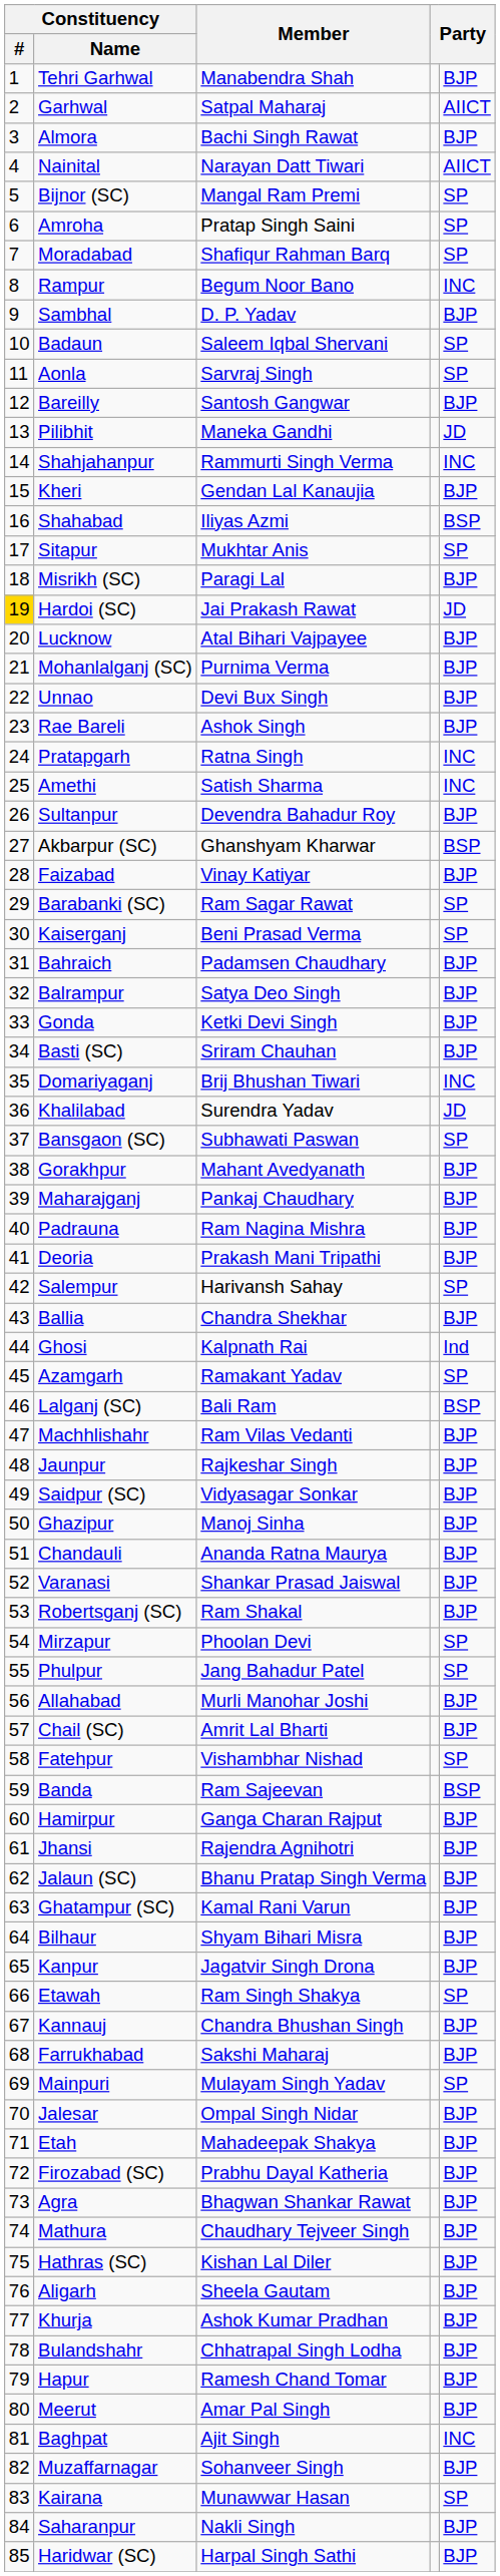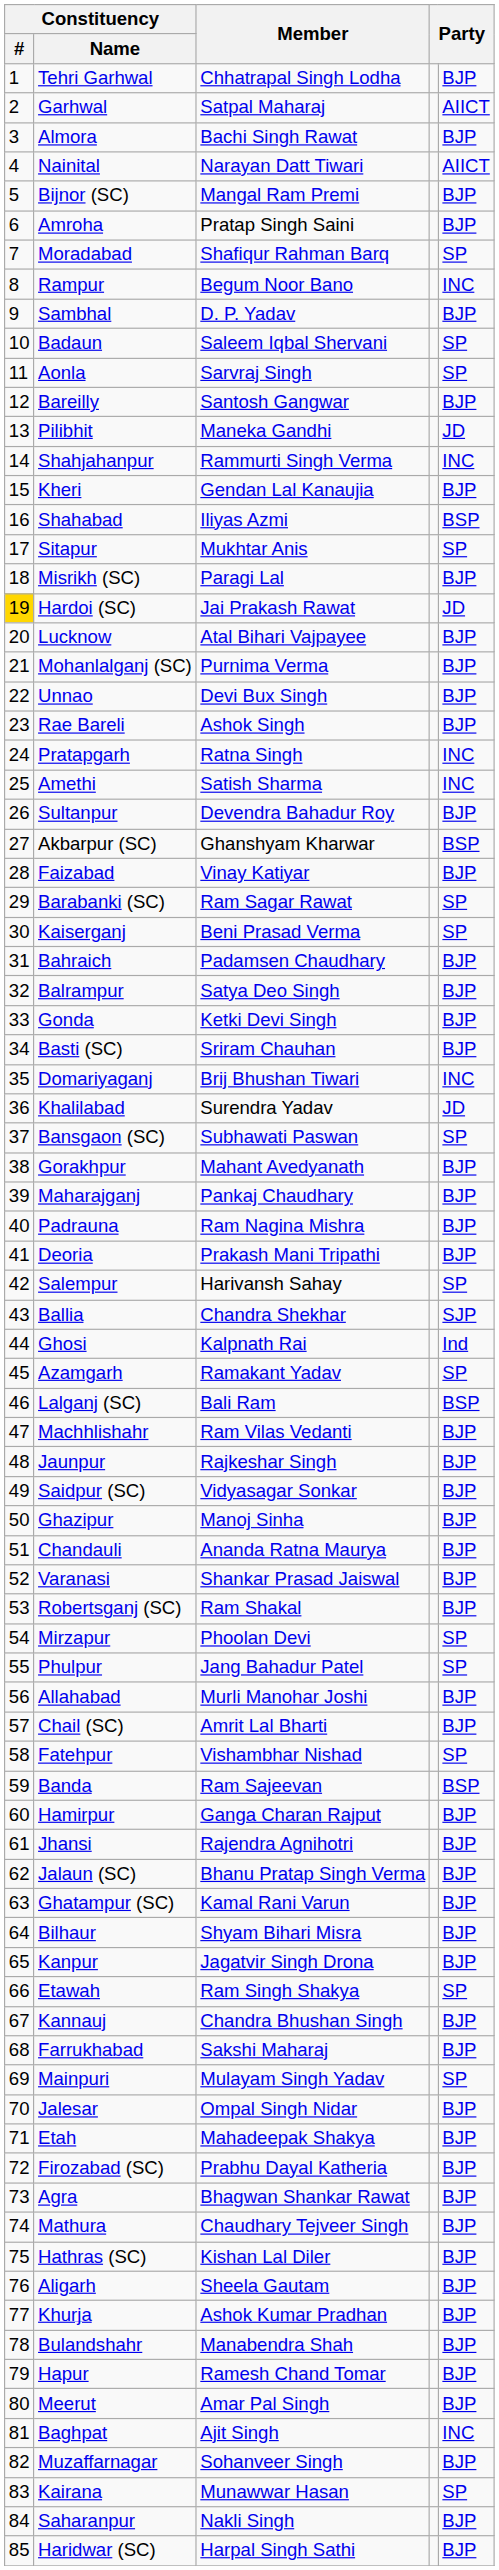 <table class="wikitable sortable">
 <tr>
 <th colspan="2">Constituency</th>
 <th rowspan="2">Member</th>
 <th colspan="2" rowspan="2">Party</th>
 </tr>
 <tr>
 <th>#</th>
 <th>Name</th>
 </tr>
 <tr>
 <td>1</td>
 <td><a href='#'>Tehri Garhwal</a></td>
-<td><a href='#'>Manabendra Shah</a></td>
+<td><a href='#'>Chhatrapal Singh Lodha</a></td>
 <td style="background-color: "></td>
 <td><a href='#'>BJP</a></td>
 </tr>
 <tr>
 <td>2</td>
 <td><a href='#'>Garhwal</a></td>
 <td><a href='#'>Satpal Maharaj</a></td>
 <td style="background-color: "></td>
 <td><a href='#'>AIICT</a></td>
 </tr>
 <tr>
 <td>3</td>
 <td><a href='#'>Almora</a></td>
 <td><a href='#'>Bachi Singh Rawat</a></td>
 <td style="background-color: "></td>
 <td><a href='#'>BJP</a></td>
 </tr>
 <tr>
 <td>4</td>
 <td><a href='#'>Nainital</a></td>
 <td><a href='#'>Narayan Datt Tiwari</a></td>
 <td style="background-color: "></td>
 <td><a href='#'>AIICT</a></td>
 </tr>
 <tr>
 <td>5</td>
 <td><a href='#'>Bijnor</a> (SC)</td>
 <td><a href='#'>Mangal Ram Premi</a></td>
 <td style="background-color: "></td>
-<td><a href='#'>SP</a></td>
+<td><a href='#'>BJP</a></td>
 </tr>
 <tr>
 <td>6</td>
 <td><a href='#'>Amroha</a></td>
 <td>Pratap Singh Saini</td>
 <td style="background-color: "></td>
-<td><a href='#'>SP</a></td>
+<td><a href='#'>BJP</a></td>
 </tr>
 <tr>
 <td>7</td>
 <td><a href='#'>Moradabad</a></td>
 <td><a href='#'>Shafiqur Rahman Barq</a></td>
 <td style="background-color: "></td>
 <td><a href='#'>SP</a></td>
 </tr>
 <tr>
 <td>8</td>
 <td><a href='#'>Rampur</a></td>
 <td><a href='#'>Begum Noor Bano</a></td>
 <td style="background-color: "></td>
 <td><a href='#'>INC</a></td>
 </tr>
 <tr>
 <td>9</td>
 <td><a href='#'>Sambhal</a></td>
 <td><a href='#'>D. P. Yadav</a></td>
 <td style="background-color: "></td>
 <td><a href='#'>BJP</a></td>
 </tr>
 <tr>
 <td>10</td>
 <td><a href='#'>Badaun</a></td>
 <td><a href='#'>Saleem Iqbal Shervani</a></td>
 <td style="background-color: "></td>
 <td><a href='#'>SP</a></td>
 </tr>
 <tr>
 <td>11</td>
 <td><a href='#'>Aonla</a></td>
 <td><a href='#'>Sarvraj Singh</a></td>
 <td style="background-color: "></td>
 <td><a href='#'>SP</a></td>
 </tr>
 <tr>
 <td>12</td>
 <td><a href='#'>Bareilly</a></td>
 <td><a href='#'>Santosh Gangwar</a></td>
 <td style="background-color: "></td>
 <td><a href='#'>BJP</a></td>
 </tr>
 <tr>
 <td>13</td>
 <td><a href='#'>Pilibhit</a></td>
 <td><a href='#'>Maneka Gandhi</a></td>
 <td style="background-color: "></td>
 <td><a href='#'>JD</a></td>
 </tr>
 <tr>
 <td>14</td>
 <td><a href='#'>Shahjahanpur</a></td>
 <td><a href='#'>Rammurti Singh Verma</a></td>
 <td style="background-color: "></td>
 <td><a href='#'>INC</a></td>
 </tr>
 <tr>
 <td>15</td>
 <td><a href='#'>Kheri</a></td>
 <td><a href='#'>Gendan Lal Kanaujia</a></td>
 <td style="background-color: "></td>
 <td><a href='#'>BJP</a></td>
 </tr>
 <tr>
 <td>16</td>
 <td><a href='#'>Shahabad</a></td>
 <td><a href='#'>Iliyas Azmi</a></td>
 <td style="background-color: "></td>
 <td><a href='#'>BSP</a></td>
 </tr>
 <tr>
 <td>17</td>
 <td><a href='#'>Sitapur</a></td>
 <td><a href='#'>Mukhtar Anis</a></td>
 <td style="background-color: "></td>
 <td><a href='#'>SP</a></td>
 </tr>
 <tr>
 <td>18</td>
 <td><a href='#'>Misrikh</a> (SC)</td>
 <td><a href='#'>Paragi Lal</a></td>
 <td style="background-color: "></td>
 <td><a href='#'>BJP</a></td>
 </tr>
 <tr>
 <td style="background: gold;">19</td>
 <td><a href='#'>Hardoi</a> (SC)</td>
 <td><a href='#'>Jai Prakash Rawat</a></td>
 <td style="background-color: "></td>
 <td><a href='#'>JD</a></td>
 </tr>
 <tr>
 <td>20</td>
 <td><a href='#'>Lucknow</a></td>
 <td><a href='#'>Atal Bihari Vajpayee</a></td>
 <td style="background-color: "></td>
 <td><a href='#'>BJP</a></td>
 </tr>
 <tr>
 <td>21</td>
 <td><a href='#'>Mohanlalganj</a> (SC)</td>
 <td><a href='#'>Purnima Verma</a></td>
 <td style="background-color: "></td>
 <td><a href='#'>BJP</a></td>
 </tr>
 <tr>
 <td>22</td>
 <td><a href='#'>Unnao</a></td>
 <td><a href='#'>Devi Bux Singh</a></td>
 <td style="background-color: "></td>
 <td><a href='#'>BJP</a></td>
 </tr>
 <tr>
 <td>23</td>
 <td><a href='#'>Rae Bareli</a></td>
 <td><a href='#'>Ashok Singh</a></td>
 <td style="background-color: "></td>
 <td><a href='#'>BJP</a></td>
 </tr>
 <tr>
 <td>24</td>
 <td><a href='#'>Pratapgarh</a></td>
 <td><a href='#'>Ratna Singh</a></td>
 <td style="background-color: "></td>
 <td><a href='#'>INC</a></td>
 </tr>
 <tr>
 <td>25</td>
 <td><a href='#'>Amethi</a></td>
 <td><a href='#'>Satish Sharma</a></td>
 <td style="background-color: "></td>
 <td><a href='#'>INC</a></td>
 </tr>
 <tr>
 <td>26</td>
 <td><a href='#'>Sultanpur</a></td>
 <td><a href='#'>Devendra Bahadur Roy</a></td>
 <td style="background-color: "></td>
 <td><a href='#'>BJP</a></td>
 </tr>
 <tr>
 <td>27</td>
 <td>Akbarpur (SC)</td>
 <td>Ghanshyam Kharwar</td>
 <td style="background-color: "></td>
 <td><a href='#'>BSP</a></td>
 </tr>
 <tr>
 <td>28</td>
 <td><a href='#'>Faizabad</a></td>
 <td><a href='#'>Vinay Katiyar</a></td>
 <td style="background-color: "></td>
 <td><a href='#'>BJP</a></td>
 </tr>
 <tr>
 <td>29</td>
 <td><a href='#'>Barabanki</a> (SC)</td>
 <td><a href='#'>Ram Sagar Rawat</a></td>
 <td style="background-color: "></td>
 <td><a href='#'>SP</a></td>
 </tr>
 <tr>
 <td>30</td>
 <td><a href='#'>Kaiserganj</a></td>
 <td><a href='#'>Beni Prasad Verma</a></td>
 <td style="background-color: "></td>
 <td><a href='#'>SP</a></td>
 </tr>
 <tr>
 <td>31</td>
 <td><a href='#'>Bahraich</a></td>
 <td><a href='#'>Padamsen Chaudhary</a></td>
 <td style="background-color: "></td>
 <td><a href='#'>BJP</a></td>
 </tr>
 <tr>
 <td>32</td>
 <td><a href='#'>Balrampur</a></td>
 <td><a href='#'>Satya Deo Singh</a></td>
 <td style="background-color: "></td>
 <td><a href='#'>BJP</a></td>
 </tr>
 <tr>
 <td>33</td>
 <td><a href='#'>Gonda</a></td>
 <td><a href='#'>Ketki Devi Singh</a></td>
 <td style="background-color: "></td>
 <td><a href='#'>BJP</a></td>
 </tr>
 <tr>
 <td>34</td>
 <td><a href='#'>Basti</a> (SC)</td>
 <td><a href='#'>Sriram Chauhan</a></td>
 <td style="background-color: "></td>
 <td><a href='#'>BJP</a></td>
 </tr>
 <tr>
 <td>35</td>
 <td><a href='#'>Domariyaganj</a></td>
 <td><a href='#'>Brij Bhushan Tiwari</a></td>
 <td style="background-color: "></td>
 <td><a href='#'>INC</a></td>
 </tr>
 <tr>
 <td>36</td>
 <td><a href='#'>Khalilabad</a></td>
 <td>Surendra Yadav</td>
 <td style="background-color: "></td>
 <td><a href='#'>JD</a></td>
 </tr>
 <tr>
 <td>37</td>
 <td><a href='#'>Bansgaon</a> (SC)</td>
 <td><a href='#'>Subhawati Paswan</a></td>
 <td style="background-color: "></td>
 <td><a href='#'>SP</a></td>
 </tr>
 <tr>
 <td>38</td>
 <td><a href='#'>Gorakhpur</a></td>
 <td><a href='#'>Mahant Avedyanath</a></td>
 <td style="background-color: "></td>
 <td><a href='#'>BJP</a></td>
 </tr>
 <tr>
 <td>39</td>
 <td><a href='#'>Maharajganj</a></td>
 <td><a href='#'>Pankaj Chaudhary</a></td>
 <td style="background-color: "></td>
 <td><a href='#'>BJP</a></td>
 </tr>
 <tr>
 <td>40</td>
 <td><a href='#'>Padrauna</a></td>
 <td><a href='#'>Ram Nagina Mishra</a></td>
 <td style="background-color: "></td>
 <td><a href='#'>BJP</a></td>
 </tr>
 <tr>
 <td>41</td>
 <td><a href='#'>Deoria</a></td>
 <td><a href='#'>Prakash Mani Tripathi</a></td>
 <td style="background-color: "></td>
 <td><a href='#'>BJP</a></td>
 </tr>
 <tr>
 <td>42</td>
 <td><a href='#'>Salempur</a></td>
 <td>Harivansh Sahay</td>
 <td style="background-color: "></td>
 <td><a href='#'>SP</a></td>
 </tr>
 <tr>
 <td>43</td>
 <td><a href='#'>Ballia</a></td>
 <td><a href='#'>Chandra Shekhar</a></td>
 <td style="background-color: "></td>
-<td><a href='#'>BJP</a></td>
+<td><a href='#'>SJP</a></td>
 </tr>
 <tr>
 <td>44</td>
 <td><a href='#'>Ghosi</a></td>
 <td><a href='#'>Kalpnath Rai</a></td>
 <td style="background-color: "></td>
 <td><a href='#'>Ind</a></td>
 </tr>
 <tr>
 <td>45</td>
 <td><a href='#'>Azamgarh</a></td>
 <td><a href='#'>Ramakant Yadav</a></td>
 <td style="background-color: "></td>
 <td><a href='#'>SP</a></td>
 </tr>
 <tr>
 <td>46</td>
 <td><a href='#'>Lalganj</a> (SC)</td>
 <td><a href='#'>Bali Ram</a></td>
 <td style="background-color: "></td>
 <td><a href='#'>BSP</a></td>
 </tr>
 <tr>
 <td>47</td>
 <td><a href='#'>Machhlishahr</a></td>
 <td><a href='#'>Ram Vilas Vedanti</a></td>
 <td style="background-color: "></td>
 <td><a href='#'>BJP</a></td>
 </tr>
 <tr>
 <td>48</td>
 <td><a href='#'>Jaunpur</a></td>
 <td><a href='#'>Rajkeshar Singh</a></td>
 <td style="background-color: "></td>
 <td><a href='#'>BJP</a></td>
 </tr>
 <tr>
 <td>49</td>
 <td><a href='#'>Saidpur</a> (SC)</td>
 <td><a href='#'>Vidyasagar Sonkar</a></td>
 <td style="background-color: "></td>
 <td><a href='#'>BJP</a></td>
 </tr>
 <tr>
 <td>50</td>
 <td><a href='#'>Ghazipur</a></td>
 <td><a href='#'>Manoj Sinha</a></td>
 <td style="background-color: "></td>
 <td><a href='#'>BJP</a></td>
 </tr>
 <tr>
 <td>51</td>
 <td><a href='#'>Chandauli</a></td>
 <td><a href='#'>Ananda Ratna Maurya</a></td>
 <td style="background-color: "></td>
 <td><a href='#'>BJP</a></td>
 </tr>
 <tr>
 <td>52</td>
 <td><a href='#'>Varanasi</a></td>
 <td><a href='#'>Shankar Prasad Jaiswal</a></td>
 <td style="background-color: "></td>
 <td><a href='#'>BJP</a></td>
 </tr>
 <tr>
 <td>53</td>
 <td><a href='#'>Robertsganj</a> (SC)</td>
 <td><a href='#'>Ram Shakal</a></td>
 <td style="background-color: "></td>
 <td><a href='#'>BJP</a></td>
 </tr>
 <tr>
 <td>54</td>
 <td><a href='#'>Mirzapur</a></td>
 <td><a href='#'>Phoolan Devi</a></td>
 <td style="background-color: "></td>
 <td><a href='#'>SP</a></td>
 </tr>
 <tr>
 <td>55</td>
 <td><a href='#'>Phulpur</a></td>
 <td><a href='#'>Jang Bahadur Patel</a></td>
 <td style="background-color: "></td>
 <td><a href='#'>SP</a></td>
 </tr>
 <tr>
 <td>56</td>
 <td><a href='#'>Allahabad</a></td>
 <td><a href='#'>Murli Manohar Joshi</a></td>
 <td style="background-color: "></td>
 <td><a href='#'>BJP</a></td>
 </tr>
 <tr>
 <td>57</td>
 <td><a href='#'>Chail</a> (SC)</td>
 <td><a href='#'>Amrit Lal Bharti</a></td>
 <td style="background-color: "></td>
 <td><a href='#'>BJP</a></td>
 </tr>
 <tr>
 <td>58</td>
 <td><a href='#'>Fatehpur</a></td>
 <td><a href='#'>Vishambhar Nishad</a></td>
 <td style="background-color: "></td>
 <td><a href='#'>SP</a></td>
 </tr>
 <tr>
 <td>59</td>
 <td><a href='#'>Banda</a></td>
 <td><a href='#'>Ram Sajeevan</a></td>
 <td style="background-color: "></td>
 <td><a href='#'>BSP</a></td>
 </tr>
 <tr>
 <td>60</td>
 <td><a href='#'>Hamirpur</a></td>
 <td><a href='#'>Ganga Charan Rajput</a></td>
 <td style="background-color: "></td>
 <td><a href='#'>BJP</a></td>
 </tr>
 <tr>
 <td>61</td>
 <td><a href='#'>Jhansi</a></td>
 <td><a href='#'>Rajendra Agnihotri</a></td>
 <td style="background-color: "></td>
 <td><a href='#'>BJP</a></td>
 </tr>
 <tr>
 <td>62</td>
 <td><a href='#'>Jalaun</a> (SC)</td>
 <td><a href='#'>Bhanu Pratap Singh Verma</a></td>
 <td style="background-color: "></td>
 <td><a href='#'>BJP</a></td>
 </tr>
 <tr>
 <td>63</td>
 <td><a href='#'>Ghatampur</a> (SC)</td>
 <td><a href='#'>Kamal Rani Varun</a></td>
 <td style="background-color: "></td>
 <td><a href='#'>BJP</a></td>
 </tr>
 <tr>
 <td>64</td>
 <td><a href='#'>Bilhaur</a></td>
 <td><a href='#'>Shyam Bihari Misra</a></td>
 <td style="background-color: "></td>
 <td><a href='#'>BJP</a></td>
 </tr>
 <tr>
 <td>65</td>
 <td><a href='#'>Kanpur</a></td>
 <td><a href='#'>Jagatvir Singh Drona</a></td>
 <td style="background-color: "></td>
 <td><a href='#'>BJP</a></td>
 </tr>
 <tr>
 <td>66</td>
 <td><a href='#'>Etawah</a></td>
 <td><a href='#'>Ram Singh Shakya</a></td>
 <td style="background-color: "></td>
 <td><a href='#'>SP</a></td>
 </tr>
 <tr>
 <td>67</td>
 <td><a href='#'>Kannauj</a></td>
 <td><a href='#'>Chandra Bhushan Singh</a></td>
 <td style="background-color: "></td>
 <td><a href='#'>BJP</a></td>
 </tr>
 <tr>
 <td>68</td>
 <td><a href='#'>Farrukhabad</a></td>
 <td><a href='#'>Sakshi Maharaj</a></td>
 <td style="background-color: "></td>
 <td><a href='#'>BJP</a></td>
 </tr>
 <tr>
 <td>69</td>
 <td><a href='#'>Mainpuri</a></td>
 <td><a href='#'>Mulayam Singh Yadav</a></td>
 <td style="background-color: "></td>
 <td><a href='#'>SP</a></td>
 </tr>
 <tr>
 <td>70</td>
 <td><a href='#'>Jalesar</a></td>
 <td><a href='#'>Ompal Singh Nidar</a></td>
 <td style="background-color: "></td>
 <td><a href='#'>BJP</a></td>
 </tr>
 <tr>
 <td>71</td>
 <td><a href='#'>Etah</a></td>
 <td><a href='#'>Mahadeepak Shakya</a></td>
 <td style="background-color: "></td>
 <td><a href='#'>BJP</a></td>
 </tr>
 <tr>
 <td>72</td>
 <td><a href='#'>Firozabad</a> (SC)</td>
 <td><a href='#'>Prabhu Dayal Katheria</a></td>
 <td style="background-color: "></td>
 <td><a href='#'>BJP</a></td>
 </tr>
 <tr>
 <td>73</td>
 <td><a href='#'>Agra</a></td>
 <td><a href='#'>Bhagwan Shankar Rawat</a></td>
 <td style="background-color: "></td>
 <td><a href='#'>BJP</a></td>
 </tr>
 <tr>
 <td>74</td>
 <td><a href='#'>Mathura</a></td>
 <td><a href='#'>Chaudhary Tejveer Singh</a></td>
 <td style="background-color: "></td>
 <td><a href='#'>BJP</a></td>
 </tr>
 <tr>
 <td>75</td>
 <td><a href='#'>Hathras</a> (SC)</td>
 <td><a href='#'>Kishan Lal Diler</a></td>
 <td style="background-color: "></td>
 <td><a href='#'>BJP</a></td>
 </tr>
 <tr>
 <td>76</td>
 <td><a href='#'>Aligarh</a></td>
 <td><a href='#'>Sheela Gautam</a></td>
 <td style="background-color: "></td>
 <td><a href='#'>BJP</a></td>
 </tr>
 <tr>
 <td>77</td>
 <td><a href='#'>Khurja</a></td>
 <td><a href='#'>Ashok Kumar Pradhan</a></td>
 <td style="background-color: "></td>
 <td><a href='#'>BJP</a></td>
 </tr>
 <tr>
 <td>78</td>
 <td><a href='#'>Bulandshahr</a></td>
-<td><a href='#'>Chhatrapal Singh Lodha</a></td>
+<td><a href='#'>Manabendra Shah</a></td>
 <td style="background-color: "></td>
 <td><a href='#'>BJP</a></td>
 </tr>
 <tr>
 <td>79</td>
 <td><a href='#'>Hapur</a></td>
 <td><a href='#'>Ramesh Chand Tomar</a></td>
 <td style="background-color: "></td>
 <td><a href='#'>BJP</a></td>
 </tr>
 <tr>
 <td>80</td>
 <td><a href='#'>Meerut</a></td>
 <td><a href='#'>Amar Pal Singh</a></td>
 <td style="background-color: "></td>
 <td><a href='#'>BJP</a></td>
 </tr>
 <tr>
 <td>81</td>
 <td><a href='#'>Baghpat</a></td>
 <td><a href='#'>Ajit Singh</a></td>
 <td style="background-color: "></td>
 <td><a href='#'>INC</a></td>
 </tr>
 <tr>
 <td>82</td>
 <td><a href='#'>Muzaffarnagar</a></td>
 <td><a href='#'>Sohanveer Singh</a></td>
 <td style="background-color: "></td>
 <td><a href='#'>BJP</a></td>
 </tr>
 <tr>
 <td>83</td>
 <td><a href='#'>Kairana</a></td>
 <td><a href='#'>Munawwar Hasan</a></td>
 <td style="background-color: "></td>
 <td><a href='#'>SP</a></td>
 </tr>
 <tr>
 <td>84</td>
 <td><a href='#'>Saharanpur</a></td>
 <td><a href='#'>Nakli Singh</a></td>
 <td style="background-color: "></td>
 <td><a href='#'>BJP</a></td>
 </tr>
 <tr>
 <td>85</td>
 <td><a href='#'>Haridwar</a> (SC)</td>
 <td><a href='#'>Harpal Singh Sathi</a></td>
 <td style="background-color: "></td>
 <td><a href='#'>BJP</a></td>
 </tr>
 </table>
